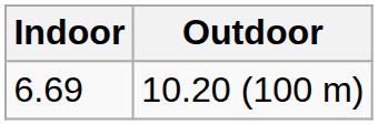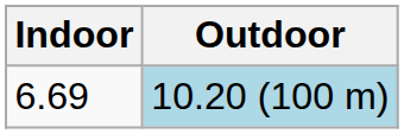 <table class="wikitable" border="1" align="upright">
 <tr>
 <th>Indoor</th>
 <th>Outdoor</th>
 </tr>
 <tr>
 <td>6.69</td>
-<td>10.20 (100 m)</td>
+<td style="background: lightblue;">10.20 (100 m)</td>
 </tr>
 </table>
